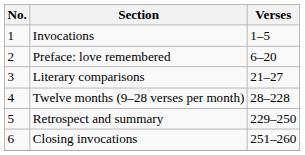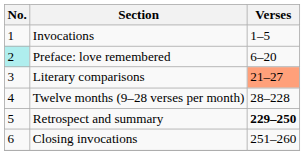 <table class="wikitable">
 <tr>
 <th>No.</th>
 <th>Section</th>
 <th>Verses</th>
 </tr>
 <tr>
 <td>1</td>
 <td>Invocations</td>
 <td>1–5</td>
 </tr>
 <tr>
-<td>2</td>
+<td style="background: paleturquoise;">2</td>
 <td>Preface: love remembered</td>
 <td>6–20</td>
 </tr>
 <tr>
 <td>3</td>
 <td>Literary comparisons</td>
-<td>21–27</td>
+<td style="background: lightsalmon;">21–27</td>
 </tr>
 <tr>
 <td>4</td>
 <td>Twelve months (9–28 verses per month)</td>
 <td>28–228</td>
 </tr>
 <tr>
 <td>5</td>
 <td>Retrospect and summary</td>
-<td>229–250</td>
+<td><strong>229–250</strong></td>
 </tr>
 <tr>
 <td>6</td>
 <td>Closing invocations</td>
 <td>251–260</td>
 </tr>
 <tr>
 </tr>
 </table>
